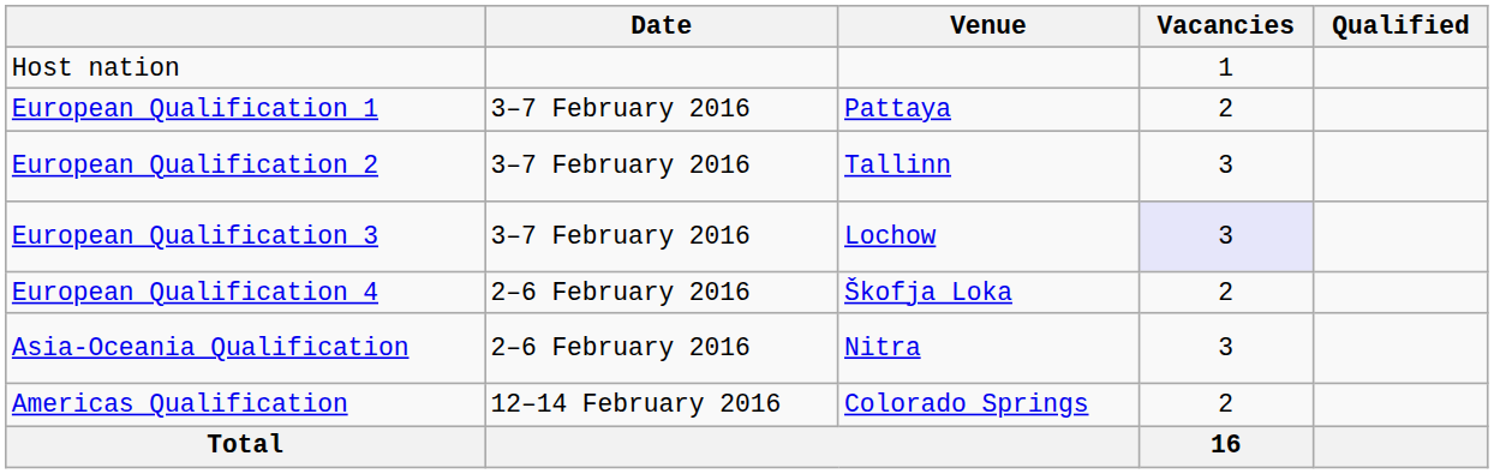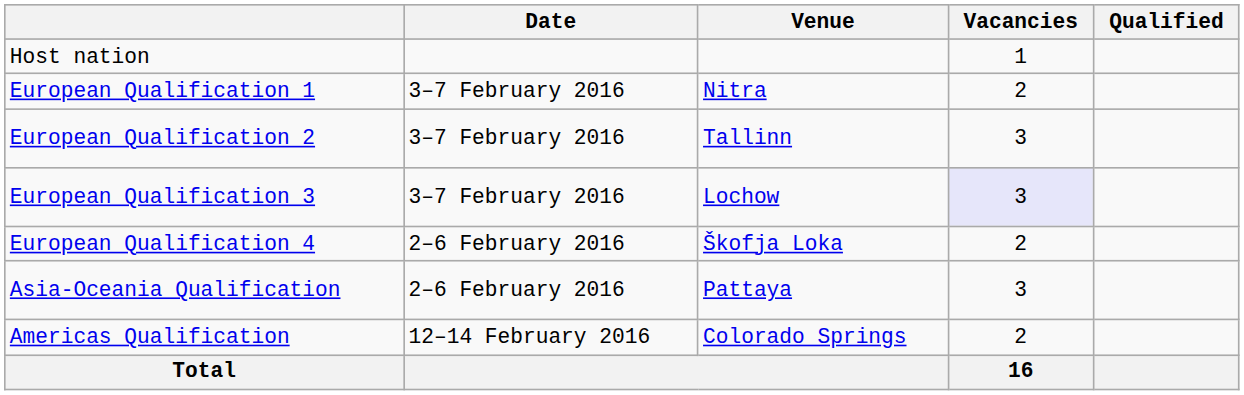 <table class="wikitable" width=60%>
 <tr>
 <th></th>
 <th>Date</th>
 <th>Venue</th>
 <th>Vacancies</th>
 <th>Qualified</th>
 </tr>
 <tr>
 <td>Host nation</td>
 <td></td>
 <td></td>
 <td align="center">1</td>
 <td></td>
 </tr>
 <tr>
 <td><a href='#'>European Qualification 1</a></td>
 <td>3–7 February 2016</td>
-<td> <a href='#'>Pattaya</a></td>
+<td> <a href='#'>Nitra</a></td>
 <td align="center">2</td>
 <td><br></td>
 </tr>
 <tr>
 <td><a href='#'>European Qualification 2</a></td>
 <td>3–7 February 2016</td>
 <td> <a href='#'>Tallinn</a></td>
 <td align="center">3</td>
 <td><br><br></td>
 </tr>
 <tr>
 <td><a href='#'>European Qualification 3</a></td>
 <td>3–7 February 2016</td>
 <td> <a href='#'>Lochow</a></td>
 <td align="center" style="background: lavender;">3</td>
 <td><br><br></td>
 </tr>
 <tr>
 <td><a href='#'>European Qualification 4</a></td>
 <td>2–6 February 2016</td>
 <td> <a href='#'>Škofja Loka</a></td>
 <td align="center">2</td>
 <td><br></td>
 </tr>
 <tr>
 <td><a href='#'>Asia-Oceania Qualification</a></td>
 <td>2–6 February 2016</td>
-<td> <a href='#'>Nitra</a></td>
+<td> <a href='#'>Pattaya</a></td>
 <td align="center">3</td>
 <td><br><br></td>
 </tr>
 <tr>
 <td><a href='#'>Americas Qualification</a></td>
 <td>12–14 February 2016</td>
 <td> <a href='#'>Colorado Springs</a></td>
 <td align="center">2</td>
 <td><br></td>
 </tr>
 <tr>
 <th>Total</th>
 <th colspan="2"></th>
 <th>16</th>
 <th></th>
 </tr>
 </table>
